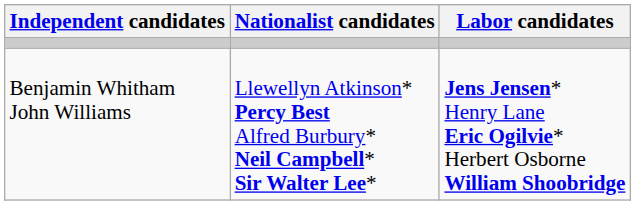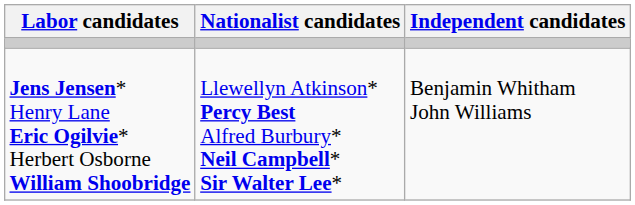 <table class="wikitable">
 <tr>
+<th><a href='#'>Labor</a> candidates</th>
+<th><a href='#'>Nationalist</a> candidates</th>
 <th><a href='#'>Independent</a> candidates</th>
-<th><a href='#'>Nationalist</a> candidates</th>
-<th><a href='#'>Labor</a> candidates</th>
 </tr>
 <tr bgcolor="#cccccc">
 <td></td>
 <td></td>
 <td></td>
 </tr>
 <tr>
+<td><br><strong><a href='#'>Jens Jensen</a></strong>*<br> <a href='#'>Henry Lane</a><br> <strong><a href='#'>Eric Ogilvie</a></strong>*<br> Herbert Osborne<br> <strong><a href='#'>William Shoobridge</a></strong></td>
+<td><br><a href='#'>Llewellyn Atkinson</a>*<br> <strong><a href='#'>Percy Best</a></strong><br> <a href='#'>Alfred Burbury</a>*<br> <strong><a href='#'>Neil Campbell</a></strong>*<br> <strong><a href='#'>Sir Walter Lee</a></strong>*</td>
 <td valign=top><br>Benjamin Whitham<br> John Williams</td>
-<td><br><a href='#'>Llewellyn Atkinson</a>*<br> <strong><a href='#'>Percy Best</a></strong><br> <a href='#'>Alfred Burbury</a>*<br> <strong><a href='#'>Neil Campbell</a></strong>*<br> <strong><a href='#'>Sir Walter Lee</a></strong>*</td>
-<td><br><strong><a href='#'>Jens Jensen</a></strong>*<br> <a href='#'>Henry Lane</a><br> <strong><a href='#'>Eric Ogilvie</a></strong>*<br> Herbert Osborne<br> <strong><a href='#'>William Shoobridge</a></strong></td>
 </tr>
 </table>
